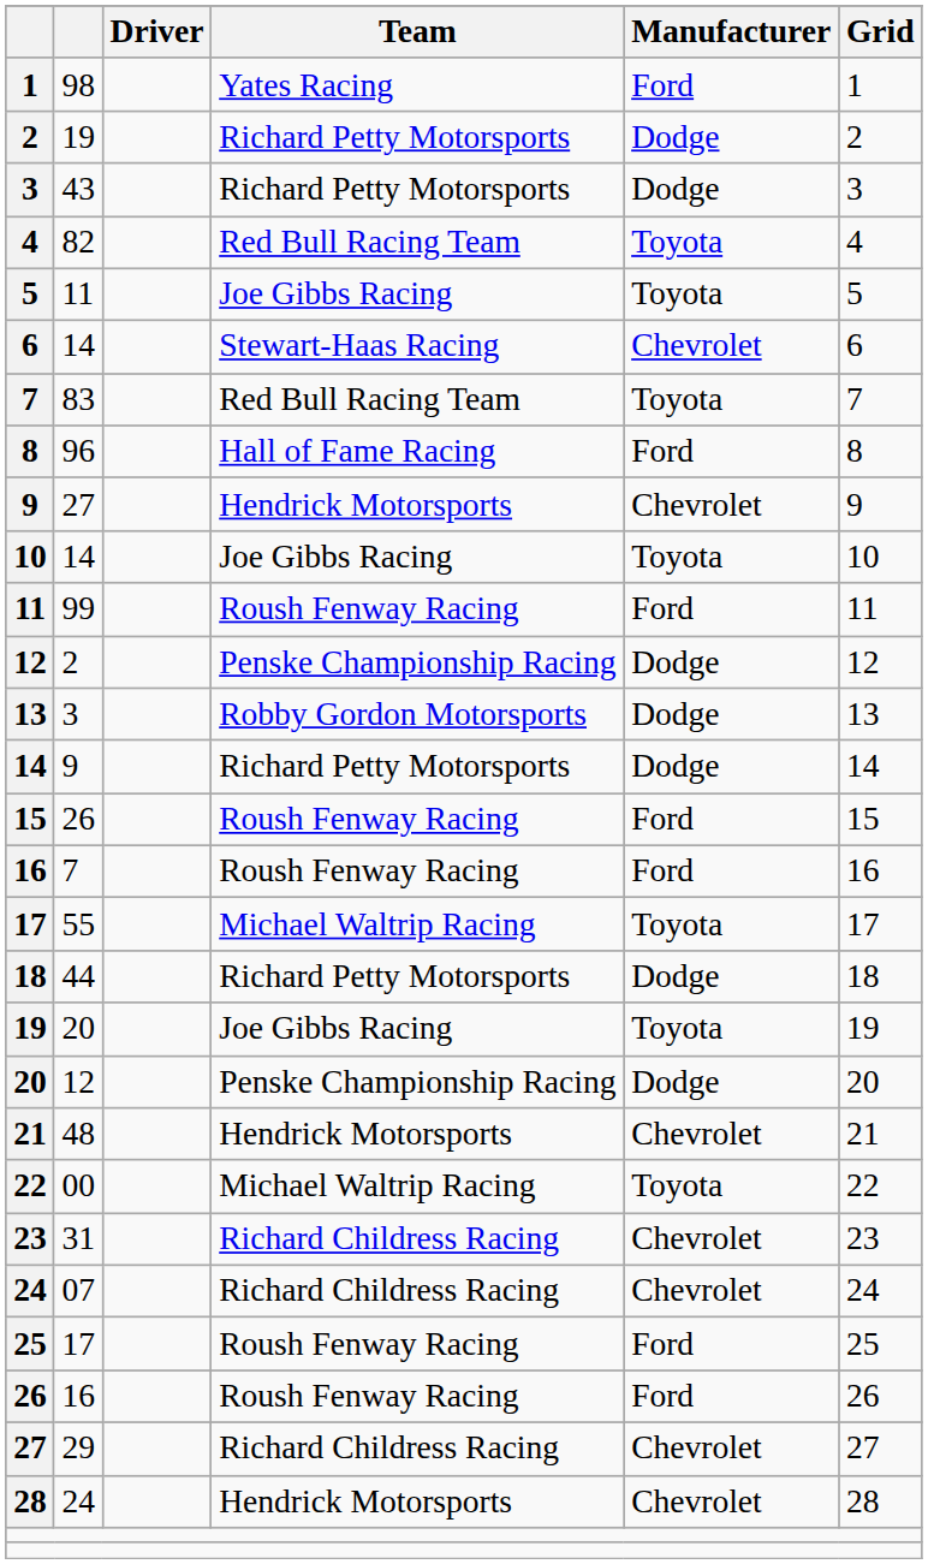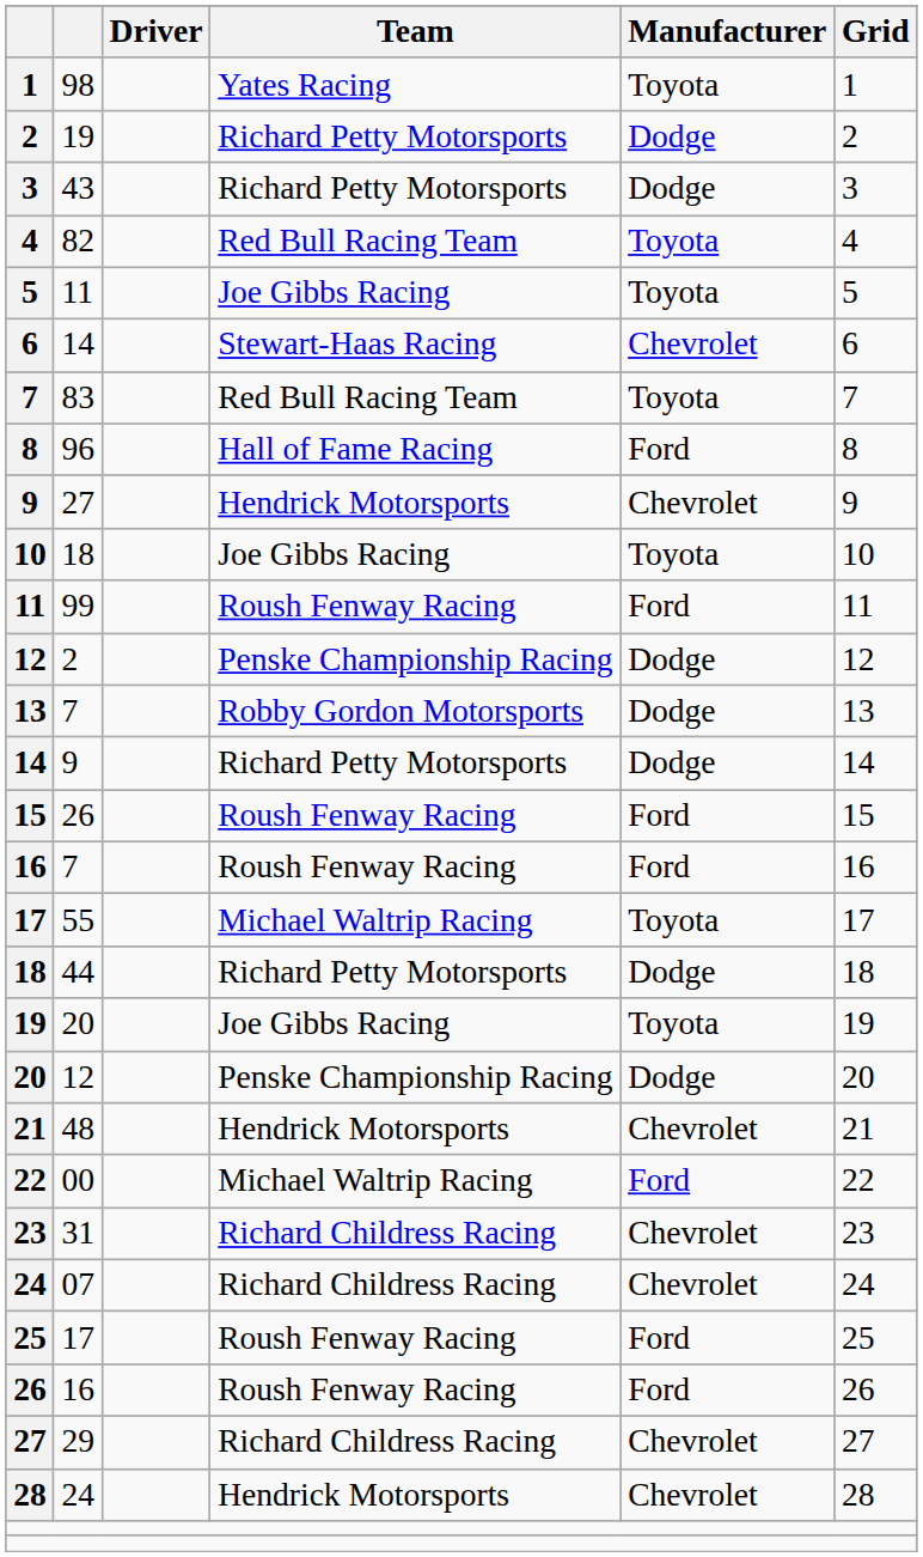 <table class="wikitable sortable">
 <tr>
 </tr>
 <tr>
 <th scope="col"></th>
 <th scope="col"></th>
 <th scope="col">Driver</th>
 <th scope="col">Team</th>
 <th scope="col">Manufacturer</th>
 <th scope="col">Grid</th>
 </tr>
 <tr>
 <th scope="row">1</th>
 <td>98</td>
 <td></td>
 <td><a href='#'>Yates Racing</a></td>
-<td><a href='#'>Ford</a></td>
+<td>Toyota</td>
 <td>1</td>
 </tr>
 <tr>
 <th scope="row">2</th>
 <td>19</td>
 <td></td>
 <td><a href='#'>Richard Petty Motorsports</a></td>
 <td><a href='#'>Dodge</a></td>
 <td>2</td>
 </tr>
 <tr>
 <th scope="row">3</th>
 <td>43</td>
 <td></td>
 <td>Richard Petty Motorsports</td>
 <td>Dodge</td>
 <td>3</td>
 </tr>
 <tr>
 <th scope="row">4</th>
 <td>82</td>
 <td></td>
 <td><a href='#'>Red Bull Racing Team</a></td>
 <td><a href='#'>Toyota</a></td>
 <td>4</td>
 </tr>
 <tr>
 <th scope="row">5</th>
 <td>11</td>
 <td></td>
 <td><a href='#'>Joe Gibbs Racing</a></td>
 <td>Toyota</td>
 <td>5</td>
 </tr>
 <tr>
 <th scope="row">6</th>
 <td>14</td>
 <td></td>
 <td><a href='#'>Stewart-Haas Racing</a></td>
 <td><a href='#'>Chevrolet</a></td>
 <td>6</td>
 </tr>
 <tr>
 <th scope="row">7</th>
 <td>83</td>
 <td></td>
 <td>Red Bull Racing Team</td>
 <td>Toyota</td>
 <td>7</td>
 </tr>
 <tr>
 <th scope="row">8</th>
 <td>96</td>
 <td></td>
 <td><a href='#'>Hall of Fame Racing</a></td>
 <td>Ford</td>
 <td>8</td>
 </tr>
 <tr>
 <th scope="row">9</th>
 <td>27</td>
 <td></td>
 <td><a href='#'>Hendrick Motorsports</a></td>
 <td>Chevrolet</td>
 <td>9</td>
 </tr>
 <tr>
 <th scope="row">10</th>
-<td>14</td>
+<td>18</td>
 <td></td>
 <td>Joe Gibbs Racing</td>
 <td>Toyota</td>
 <td>10</td>
 </tr>
 <tr>
 <th scope="row">11</th>
 <td>99</td>
 <td></td>
 <td><a href='#'>Roush Fenway Racing</a></td>
 <td>Ford</td>
 <td>11</td>
 </tr>
 <tr>
 <th scope="row">12</th>
 <td>2</td>
 <td></td>
 <td><a href='#'>Penske Championship Racing</a></td>
 <td>Dodge</td>
 <td>12</td>
 </tr>
 <tr>
 <th scope="row">13</th>
-<td>3</td>
+<td>7</td>
 <td></td>
 <td><a href='#'>Robby Gordon Motorsports</a></td>
 <td>Dodge</td>
 <td>13</td>
 </tr>
 <tr>
 <th scope="row">14</th>
 <td>9</td>
 <td></td>
 <td>Richard Petty Motorsports</td>
 <td>Dodge</td>
 <td>14</td>
 </tr>
 <tr>
 <th scope="row">15</th>
 <td>26</td>
 <td></td>
 <td><a href='#'>Roush Fenway Racing</a></td>
 <td>Ford</td>
 <td>15</td>
 </tr>
 <tr>
 <th scope="row">16</th>
 <td>7</td>
 <td></td>
 <td>Roush Fenway Racing</td>
 <td>Ford</td>
 <td>16</td>
 </tr>
 <tr>
 <th scope="row">17</th>
 <td>55</td>
 <td></td>
 <td><a href='#'>Michael Waltrip Racing</a></td>
 <td>Toyota</td>
 <td>17</td>
 </tr>
 <tr>
 <th scope="row">18</th>
 <td>44</td>
 <td></td>
 <td>Richard Petty Motorsports</td>
 <td>Dodge</td>
 <td>18</td>
 </tr>
 <tr>
 <th scope="row">19</th>
 <td>20</td>
 <td></td>
 <td>Joe Gibbs Racing</td>
 <td>Toyota</td>
 <td>19</td>
 </tr>
 <tr>
 <th scope="row">20</th>
 <td>12</td>
 <td></td>
 <td>Penske Championship Racing</td>
 <td>Dodge</td>
 <td>20</td>
 </tr>
 <tr>
 <th scope="row">21</th>
 <td>48</td>
 <td></td>
 <td>Hendrick Motorsports</td>
 <td>Chevrolet</td>
 <td>21</td>
 </tr>
 <tr>
 <th scope="row">22</th>
 <td>00</td>
 <td></td>
 <td>Michael Waltrip Racing</td>
-<td>Toyota</td>
+<td><a href='#'>Ford</a></td>
 <td>22</td>
 </tr>
 <tr>
 <th scope="row">23</th>
 <td>31</td>
 <td></td>
 <td><a href='#'>Richard Childress Racing</a></td>
 <td>Chevrolet</td>
 <td>23</td>
 </tr>
 <tr>
 <th scope="row">24</th>
 <td>07</td>
 <td></td>
 <td>Richard Childress Racing</td>
 <td>Chevrolet</td>
 <td>24</td>
 </tr>
 <tr>
 <th scope="row">25</th>
 <td>17</td>
 <td></td>
 <td>Roush Fenway Racing</td>
 <td>Ford</td>
 <td>25</td>
 </tr>
 <tr>
 <th scope="row">26</th>
 <td>16</td>
 <td></td>
 <td>Roush Fenway Racing</td>
 <td>Ford</td>
 <td>26</td>
 </tr>
 <tr>
 <th scope="row">27</th>
 <td>29</td>
 <td></td>
 <td>Richard Childress Racing</td>
 <td>Chevrolet</td>
 <td>27</td>
 </tr>
 <tr>
 <th scope="row">28</th>
 <td>24</td>
 <td></td>
 <td>Hendrick Motorsports</td>
 <td>Chevrolet</td>
 <td>28</td>
 </tr>
 <tr class="sortbottom">
 <td colspan="6"></td>
 </tr>
 <tr class="sortbottom">
 <td colspan="6"></td>
 </tr>
 </table>
